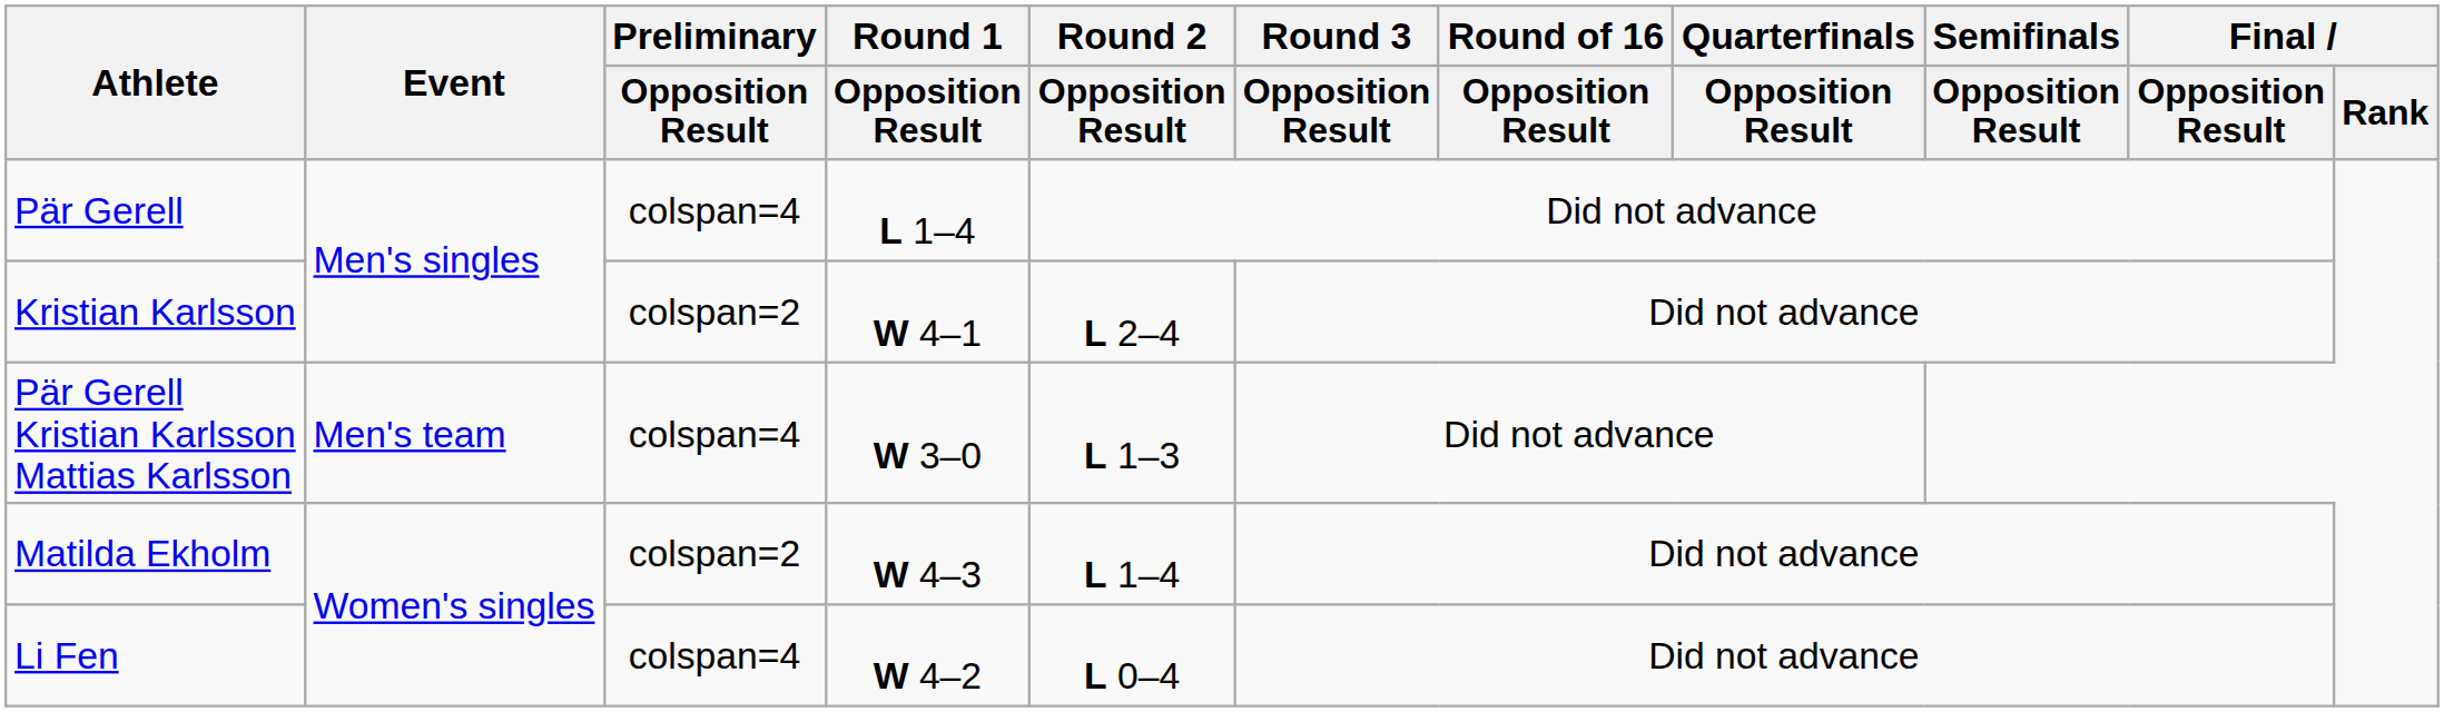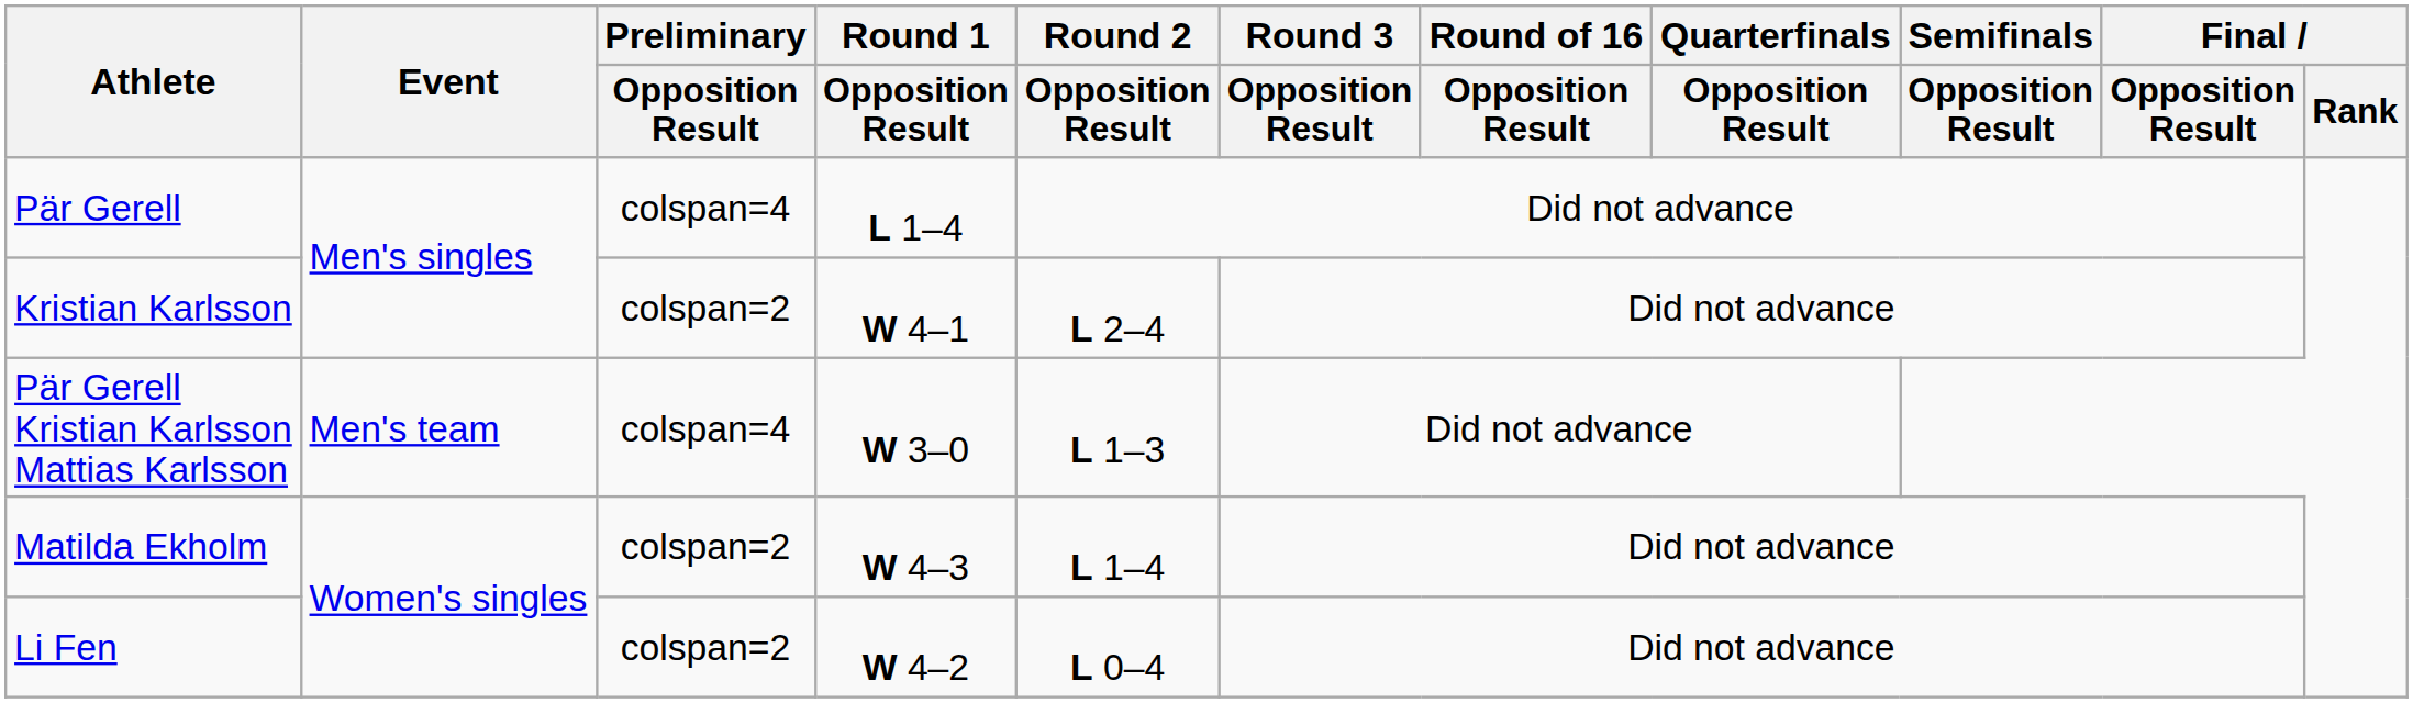 <table class="wikitable" style="font-size:90%;">
 <tr>
 <th rowspan=2>Athlete</th>
 <th rowspan=2>Event</th>
 <th>Preliminary</th>
 <th>Round 1</th>
 <th>Round 2</th>
 <th>Round 3</th>
 <th>Round of 16</th>
 <th>Quarterfinals</th>
 <th>Semifinals</th>
 <th colspan=2>Final / </th>
 </tr>
 <tr style="font-size:95%">
 <th>Opposition<br>Result</th>
 <th>Opposition<br>Result</th>
 <th>Opposition<br>Result</th>
 <th>Opposition<br>Result</th>
 <th>Opposition<br>Result</th>
 <th>Opposition<br>Result</th>
 <th>Opposition<br>Result</th>
 <th>Opposition<br>Result</th>
 <th>Rank</th>
 </tr>
 <tr align=center>
 <td align=left><a href='#'>Pär Gerell</a></td>
 <td align=left rowspan=2><a href='#'>Men's singles</a></td>
 <td>colspan=4 </td>
 <td><br><strong>L</strong> 1–4</td>
 <td colspan=6>Did not advance</td>
 </tr>
 <tr align=center>
 <td align=left><a href='#'>Kristian Karlsson</a></td>
 <td>colspan=2 </td>
 <td><br><strong>W</strong> 4–1</td>
 <td><br><strong>L</strong> 2–4</td>
 <td colspan=5>Did not advance</td>
 </tr>
 <tr align=center>
 <td align=left><a href='#'>Pär Gerell</a><br><a href='#'>Kristian Karlsson</a><br><a href='#'>Mattias Karlsson</a></td>
 <td align=left><a href='#'>Men's team</a></td>
 <td>colspan=4 </td>
 <td><br><strong>W</strong> 3–0</td>
 <td><br><strong>L</strong> 1–3</td>
 <td colspan=3>Did not advance</td>
 </tr>
 <tr align=center>
 <td align=left><a href='#'>Matilda Ekholm</a></td>
 <td align=left rowspan=2><a href='#'>Women's singles</a></td>
 <td>colspan=2 </td>
 <td><br><strong>W</strong> 4–3</td>
 <td><br><strong>L</strong> 1–4</td>
 <td colspan=5>Did not advance</td>
 </tr>
 <tr align=center>
 <td align=left><a href='#'>Li Fen</a></td>
-<td>colspan=4 </td>
+<td>colspan=2 </td>
 <td><br><strong>W</strong> 4–2</td>
 <td><br><strong>L</strong> 0–4</td>
 <td colspan=5>Did not advance</td>
 </tr>
 </table>
